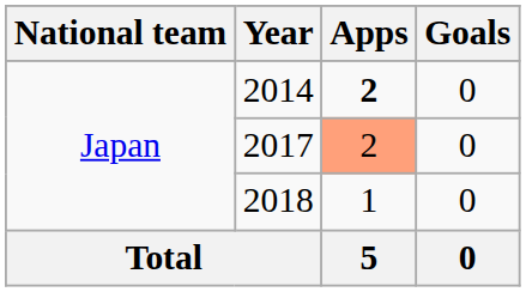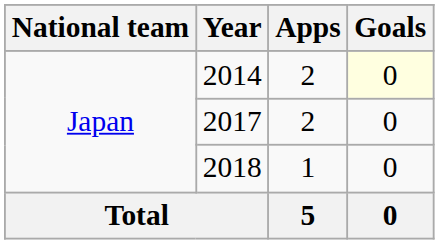 <table class="wikitable" style="text-align:center">
 <tr>
 <th>National team</th>
 <th>Year</th>
 <th>Apps</th>
 <th>Goals</th>
 </tr>
 <tr>
 <td rowspan="3"><a href='#'>Japan</a></td>
 <td>2014</td>
-<td><strong>2</strong></td>
-<td>0</td>
+<td>2</td>
+<td style="background: lightyellow;">0</td>
 </tr>
 <tr>
 <td>2017</td>
-<td style="background: lightsalmon;">2</td>
+<td>2</td>
 <td>0</td>
 </tr>
 <tr>
 <td>2018</td>
 <td>1</td>
 <td>0</td>
 </tr>
 <tr>
 <th colspan="2">Total</th>
 <th>5</th>
 <th>0</th>
 </tr>
 </table>
